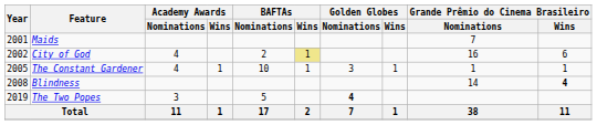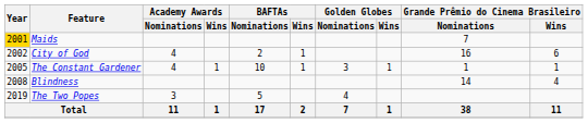 <table class="wikitable">
 <tr>
 <th rowspan="2">Year</th>
 <th rowspan="2">Feature</th>
 <th colspan="2">Academy Awards</th>
 <th colspan="2">BAFTAs</th>
 <th colspan="2">Golden Globes</th>
 <th colspan="2">Grande Prêmio do Cinema Brasileiro</th>
 </tr>
 <tr>
 <th>Nominations</th>
 <th>Wins</th>
 <th>Nominations</th>
 <th>Wins</th>
 <th>Nominations</th>
 <th>Wins</th>
 <th>Nominations</th>
 <th>Wins</th>
 </tr>
 <tr>
-<td>2001</td>
+<td style="background: gold;">2001</td>
 <td><em><a href='#'>Maids</a></em></td>
 <td></td>
 <td></td>
 <td></td>
 <td></td>
 <td></td>
 <td></td>
 <td align=center>7</td>
 <td></td>
 </tr>
 <tr>
 <td>2002</td>
 <td><em><a href='#'>City of God</a></em></td>
 <td align=center>4</td>
 <td></td>
 <td align=center>2</td>
-<td align=center style="background: khaki;">1</td>
+<td align=center>1</td>
 <td></td>
 <td></td>
 <td align=center>16</td>
 <td align=center>6</td>
 </tr>
 <tr>
 <td>2005</td>
 <td><em><a href='#'>The Constant Gardener</a></em></td>
 <td align=center>4</td>
 <td align=center>1</td>
 <td align=center>10</td>
 <td align=center>1</td>
 <td align=center>3</td>
 <td align=center>1</td>
 <td align=center>1</td>
 <td align=center>1</td>
 </tr>
 <tr>
 <td>2008</td>
 <td><em><a href='#'>Blindness</a></em></td>
 <td></td>
 <td></td>
 <td></td>
 <td></td>
 <td></td>
 <td></td>
 <td align=center>14</td>
-<td align=center><strong>4</strong></td>
+<td align=center>4</td>
 </tr>
 <tr>
 <td>2019</td>
 <td><em><a href='#'>The Two Popes</a></em></td>
 <td align=center>3</td>
 <td></td>
 <td align=center>5</td>
 <td></td>
-<td align=center><strong>4</strong></td>
+<td align=center>4</td>
 <td></td>
 <td></td>
 <td></td>
 </tr>
 <tr>
 <th colspan="2">Total</th>
 <th>11</th>
 <th>1</th>
 <th>17</th>
 <th>2</th>
 <th>7</th>
 <th>1</th>
 <th>38</th>
 <th>11</th>
 </tr>
 <tr>
 </tr>
 </table>
